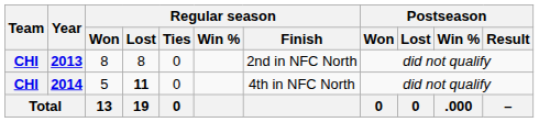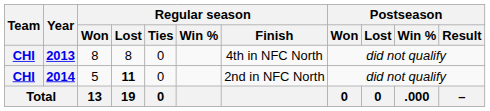 <table class="wikitable" style="font-size: 95%; text-align:center;">
 <tr>
 <th rowspan="2">Team</th>
 <th rowspan="2">Year</th>
 <th colspan="5">Regular season</th>
 <th colspan="4">Postseason</th>
 </tr>
 <tr>
 <th>Won</th>
 <th>Lost</th>
 <th>Ties</th>
 <th>Win %</th>
 <th>Finish</th>
 <th>Won</th>
 <th>Lost</th>
 <th>Win %</th>
 <th>Result</th>
 </tr>
 <tr>
 <th><a href='#'>CHI</a></th>
 <th><a href='#'>2013</a></th>
 <td>8</td>
 <td>8</td>
 <td>0</td>
 <td></td>
-<td>2nd in NFC North</td>
+<td>4th in NFC North</td>
 <td colspan="4"><em>did not qualify</em></td>
 </tr>
 <tr>
 <th><a href='#'>CHI</a></th>
 <th><a href='#'>2014</a></th>
 <td>5</td>
 <td><strong>11</strong></td>
 <td>0</td>
 <td></td>
-<td>4th in NFC North</td>
+<td>2nd in NFC North</td>
 <td colspan="4"><em>did not qualify</em></td>
 </tr>
 <tr>
 <th colspan="2">Total</th>
 <th>13</th>
 <th>19</th>
 <th>0</th>
 <th></th>
 <th></th>
 <th>0</th>
 <th>0</th>
 <th>.000</th>
 <th>–</th>
 </tr>
 </table>
